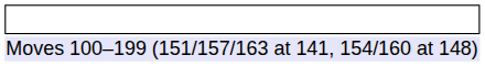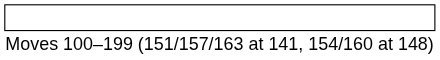 <table style="display:inline; display:inline-table;">
 <tr>
 <td style="border: solid thin; padding: 2px;"><br></td>
 </tr>
 <tr>
-<td style="background: lavender; text-align:center">Moves 100–199 (151/157/163 at 141, 154/160 at 148)</td>
+<td style="text-align:center">Moves 100–199 (151/157/163 at 141, 154/160 at 148)</td>
 </tr>
 </table>
